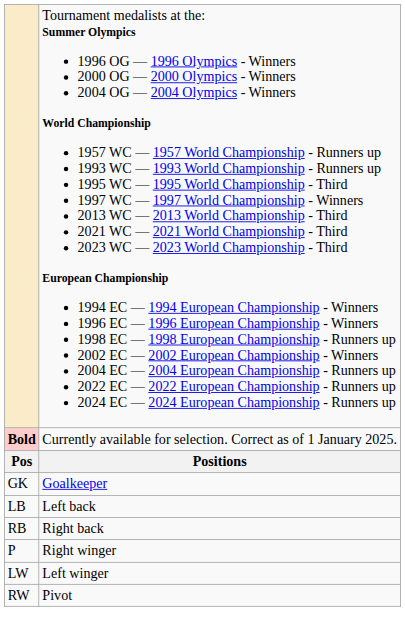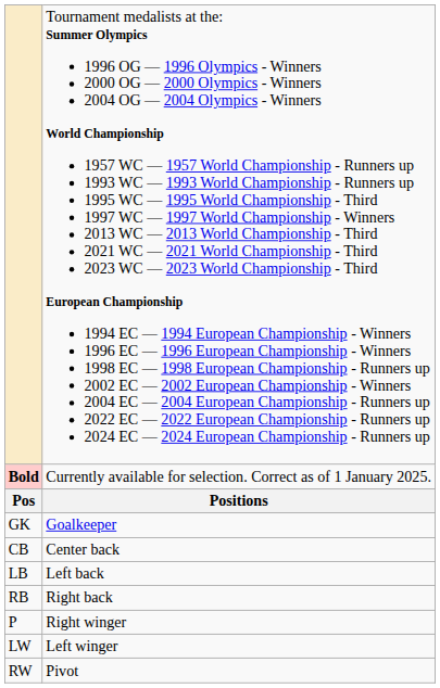 <table class="wikitable">
 <tr>
 <td style="background-color:#faecc8"></td>
 <td>Tournament medalists at the:<br><small><strong>Summer Olympics</strong></small><ul><li>1996 OG — <a href='#'>1996 Olympics</a> -  Winners</li><li>2000 OG — <a href='#'>2000 Olympics</a> -  Winners</li><li>2004 OG — <a href='#'>2004 Olympics</a> -  Winners</li></ul><small><strong>World Championship</strong></small><ul><li>1957 WC — <a href='#'>1957 World Championship</a> -  Runners up</li><li>1993 WC — <a href='#'>1993 World Championship</a> -  Runners up</li><li>1995 WC — <a href='#'>1995 World Championship</a> -  Third</li><li>1997 WC — <a href='#'>1997 World Championship</a> -  Winners</li><li>2013 WC — <a href='#'>2013 World Championship</a> -  Third</li><li>2021 WC — <a href='#'>2021 World Championship</a> -  Third</li><li>2023 WC — <a href='#'>2023 World Championship</a> -  Third</li></ul><small><strong>European Championship</strong></small><ul><li>1994 EC — <a href='#'>1994 European Championship</a> -  Winners</li><li>1996 EC — <a href='#'>1996 European Championship</a> -  Winners</li><li>1998 EC — <a href='#'>1998 European Championship</a> -  Runners up</li><li>2002 EC — <a href='#'>2002 European Championship</a> -  Winners</li><li>2004 EC — <a href='#'>2004 European Championship</a> -  Runners up</li><li>2022 EC — <a href='#'>2022 European Championship</a> -  Runners up</li><li>2024 EC — <a href='#'>2024 European Championship</a> -  Runners up</li></ul></td>
 </tr>
 <tr>
 <td style="background-color:#FFCCCC"><strong>Bold</strong></td>
 <td>Currently available for selection. Correct as of 1 January 2025.</td>
 </tr>
 <tr>
 <th>Pos</th>
 <th style="align: left">Positions</th>
 </tr>
 <tr>
 <td>GK</td>
 <td><a href='#'>Goalkeeper</a></td>
+</tr>
+<tr>
+<td>CB</td>
+<td>Center back</td>
 </tr>
 <tr>
 <td>LB</td>
 <td>Left back</td>
 </tr>
 <tr>
 <td>RB</td>
 <td>Right back</td>
 </tr>
 <tr>
 <td>P</td>
 <td>Right winger</td>
 </tr>
 <tr>
 <td>LW</td>
 <td>Left winger</td>
 </tr>
 <tr>
 <td>RW</td>
 <td>Pivot</td>
 </tr>
 </table>
